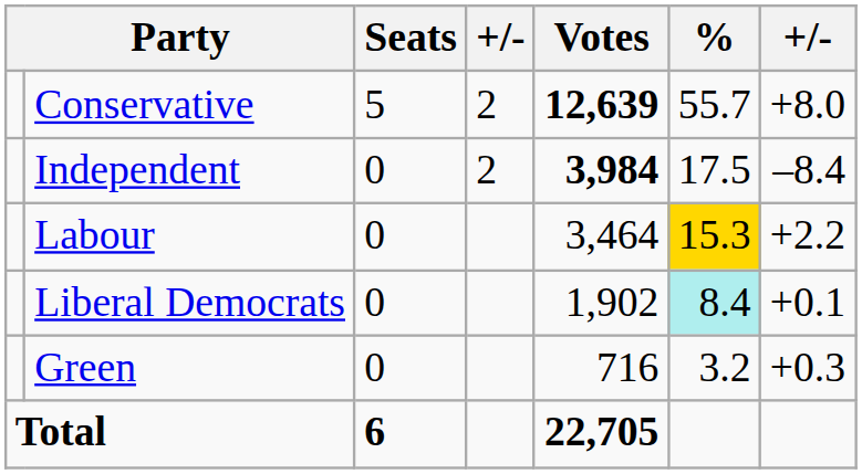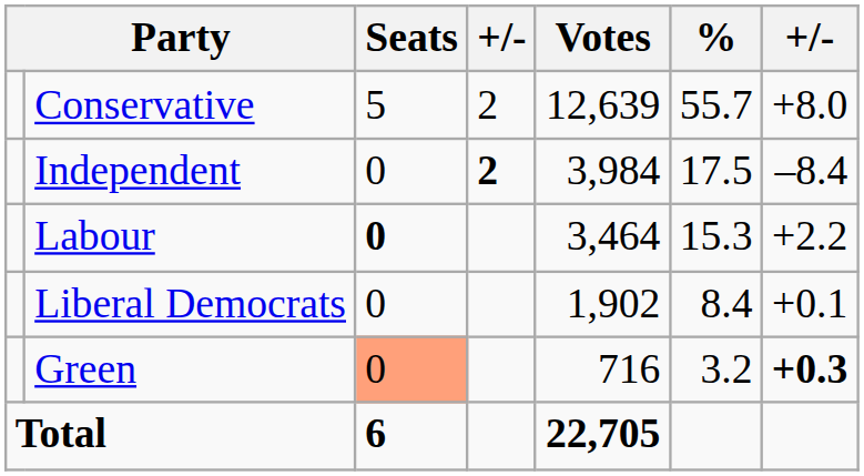 <table class="wikitable sortable">
 <tr>
 <th colspan="2">Party</th>
 <th>Seats</th>
 <th>+/-</th>
 <th>Votes</th>
 <th>%</th>
 <th>+/-</th>
 </tr>
 <tr>
 <td style="background-color: "></td>
 <td><a href='#'>Conservative</a></td>
 <td>5</td>
 <td> 2</td>
-<td style="text-align:right;"><strong>12,639</strong></td>
+<td style="text-align:right;">12,639</td>
 <td style="text-align:right;">55.7</td>
 <td style="text-align:right;">+8.0</td>
 </tr>
 <tr>
 <td style="background-color: "></td>
 <td><a href='#'>Independent</a></td>
 <td>0</td>
-<td> 2</td>
-<td style="text-align:right;"><strong>3,984</strong></td>
+<td><strong> 2</strong></td>
+<td style="text-align:right;">3,984</td>
 <td style="text-align:right;">17.5</td>
 <td style="text-align:right;">–8.4</td>
 </tr>
 <tr>
 <td style="background-color: "></td>
 <td><a href='#'>Labour</a></td>
-<td>0</td>
+<td><strong>0</strong></td>
 <td></td>
 <td style="text-align:right;">3,464</td>
-<td style="background: gold; text-align:right;">15.3</td>
+<td style="text-align:right;">15.3</td>
 <td style="text-align:right;">+2.2</td>
 </tr>
 <tr>
 <td style="background-color: "></td>
 <td><a href='#'>Liberal Democrats</a></td>
 <td>0</td>
 <td></td>
 <td style="text-align:right;">1,902</td>
-<td style="background: paleturquoise; text-align:right;">8.4</td>
+<td style="text-align:right;">8.4</td>
 <td style="text-align:right;">+0.1</td>
 </tr>
 <tr>
 <td style="background-color: "></td>
 <td><a href='#'>Green</a></td>
-<td>0</td>
+<td style="background: lightsalmon;">0</td>
 <td></td>
 <td style="text-align:right;">716</td>
 <td style="text-align:right;">3.2</td>
-<td style="text-align:right;">+0.3</td>
+<td style="text-align:right;"><strong>+0.3</strong></td>
 </tr>
 <tr>
 <td colspan="2"><strong>Total</strong></td>
 <td><strong>6</strong></td>
 <td></td>
 <td style="text-align:right;"><strong>22,705</strong></td>
 <td style="text-align:right;"></td>
 <td style="text-align:right;"></td>
 </tr>
 </table>
